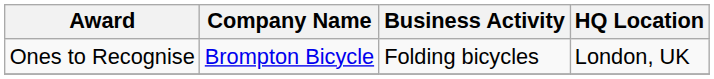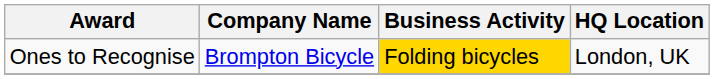 <table class="wikitable sortable">
 <tr>
 <th>Award</th>
 <th>Company Name</th>
 <th>Business Activity</th>
 <th>HQ Location</th>
 </tr>
 <tr>
 <td>Ones to Recognise</td>
 <td><a href='#'>Brompton Bicycle</a></td>
-<td>Folding bicycles</td>
+<td style="background: gold;">Folding bicycles</td>
 <td>London, UK</td>
 </tr>
 <tr>
 </tr>
 </table>
